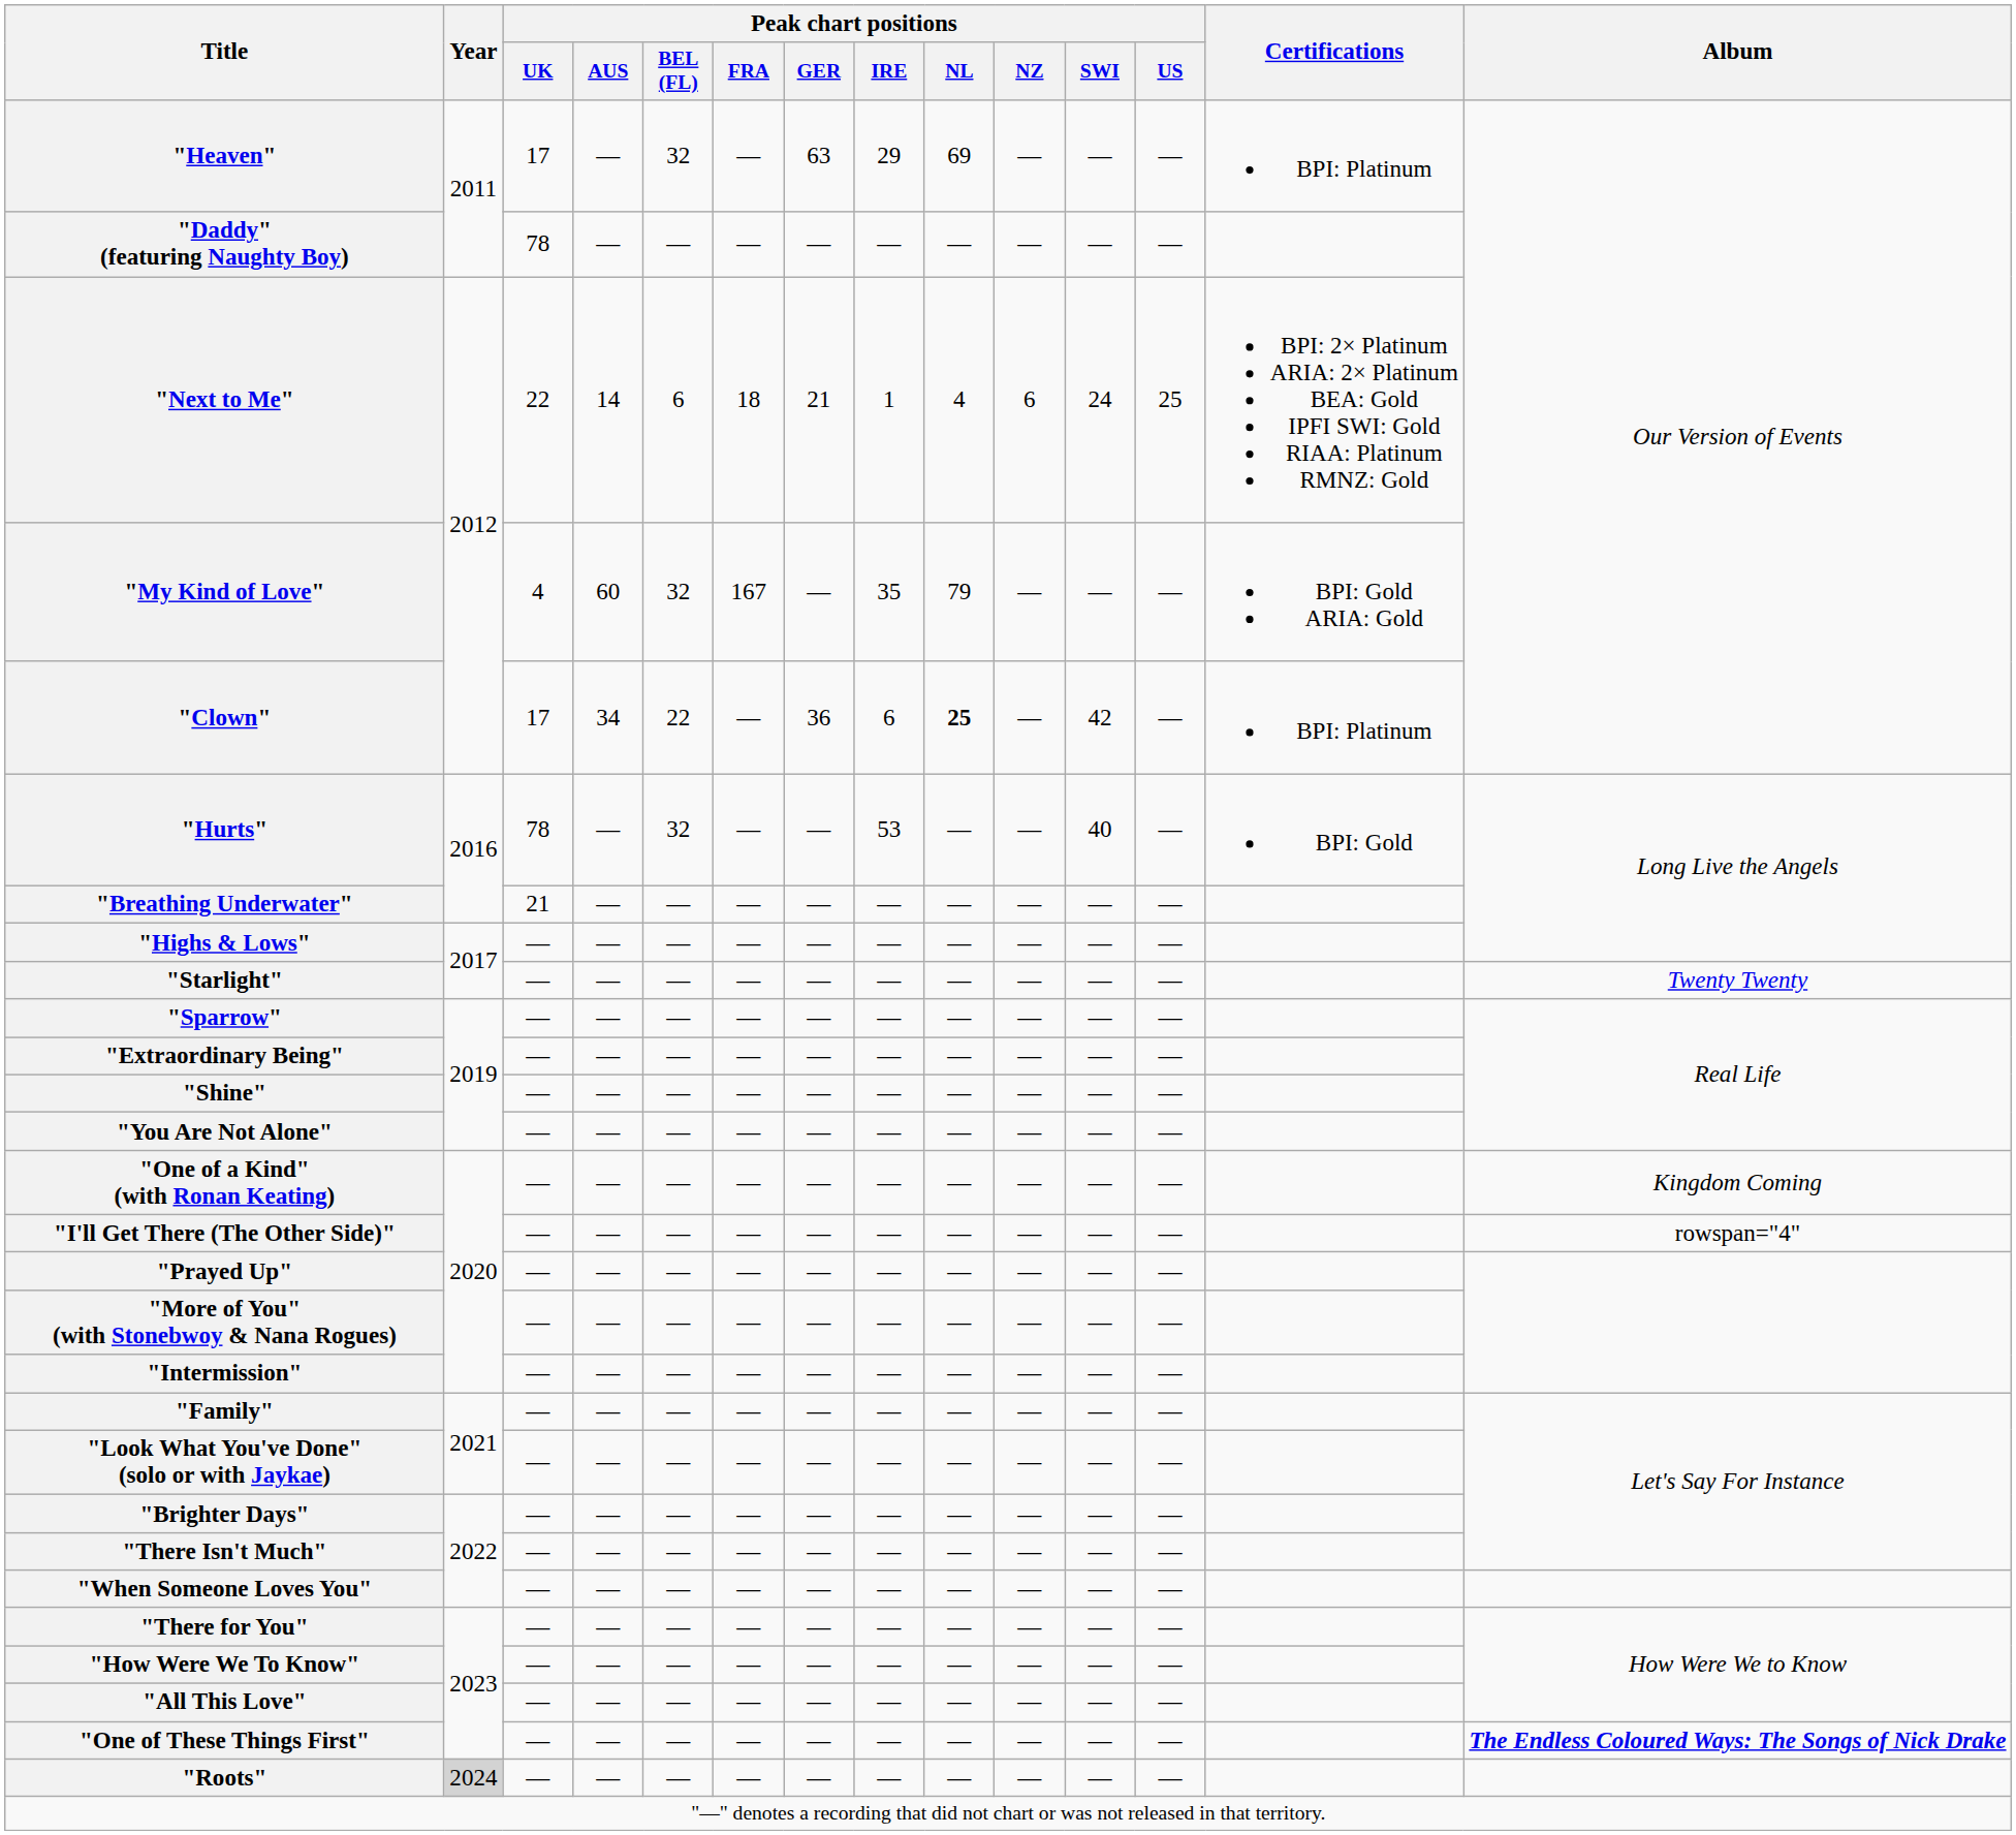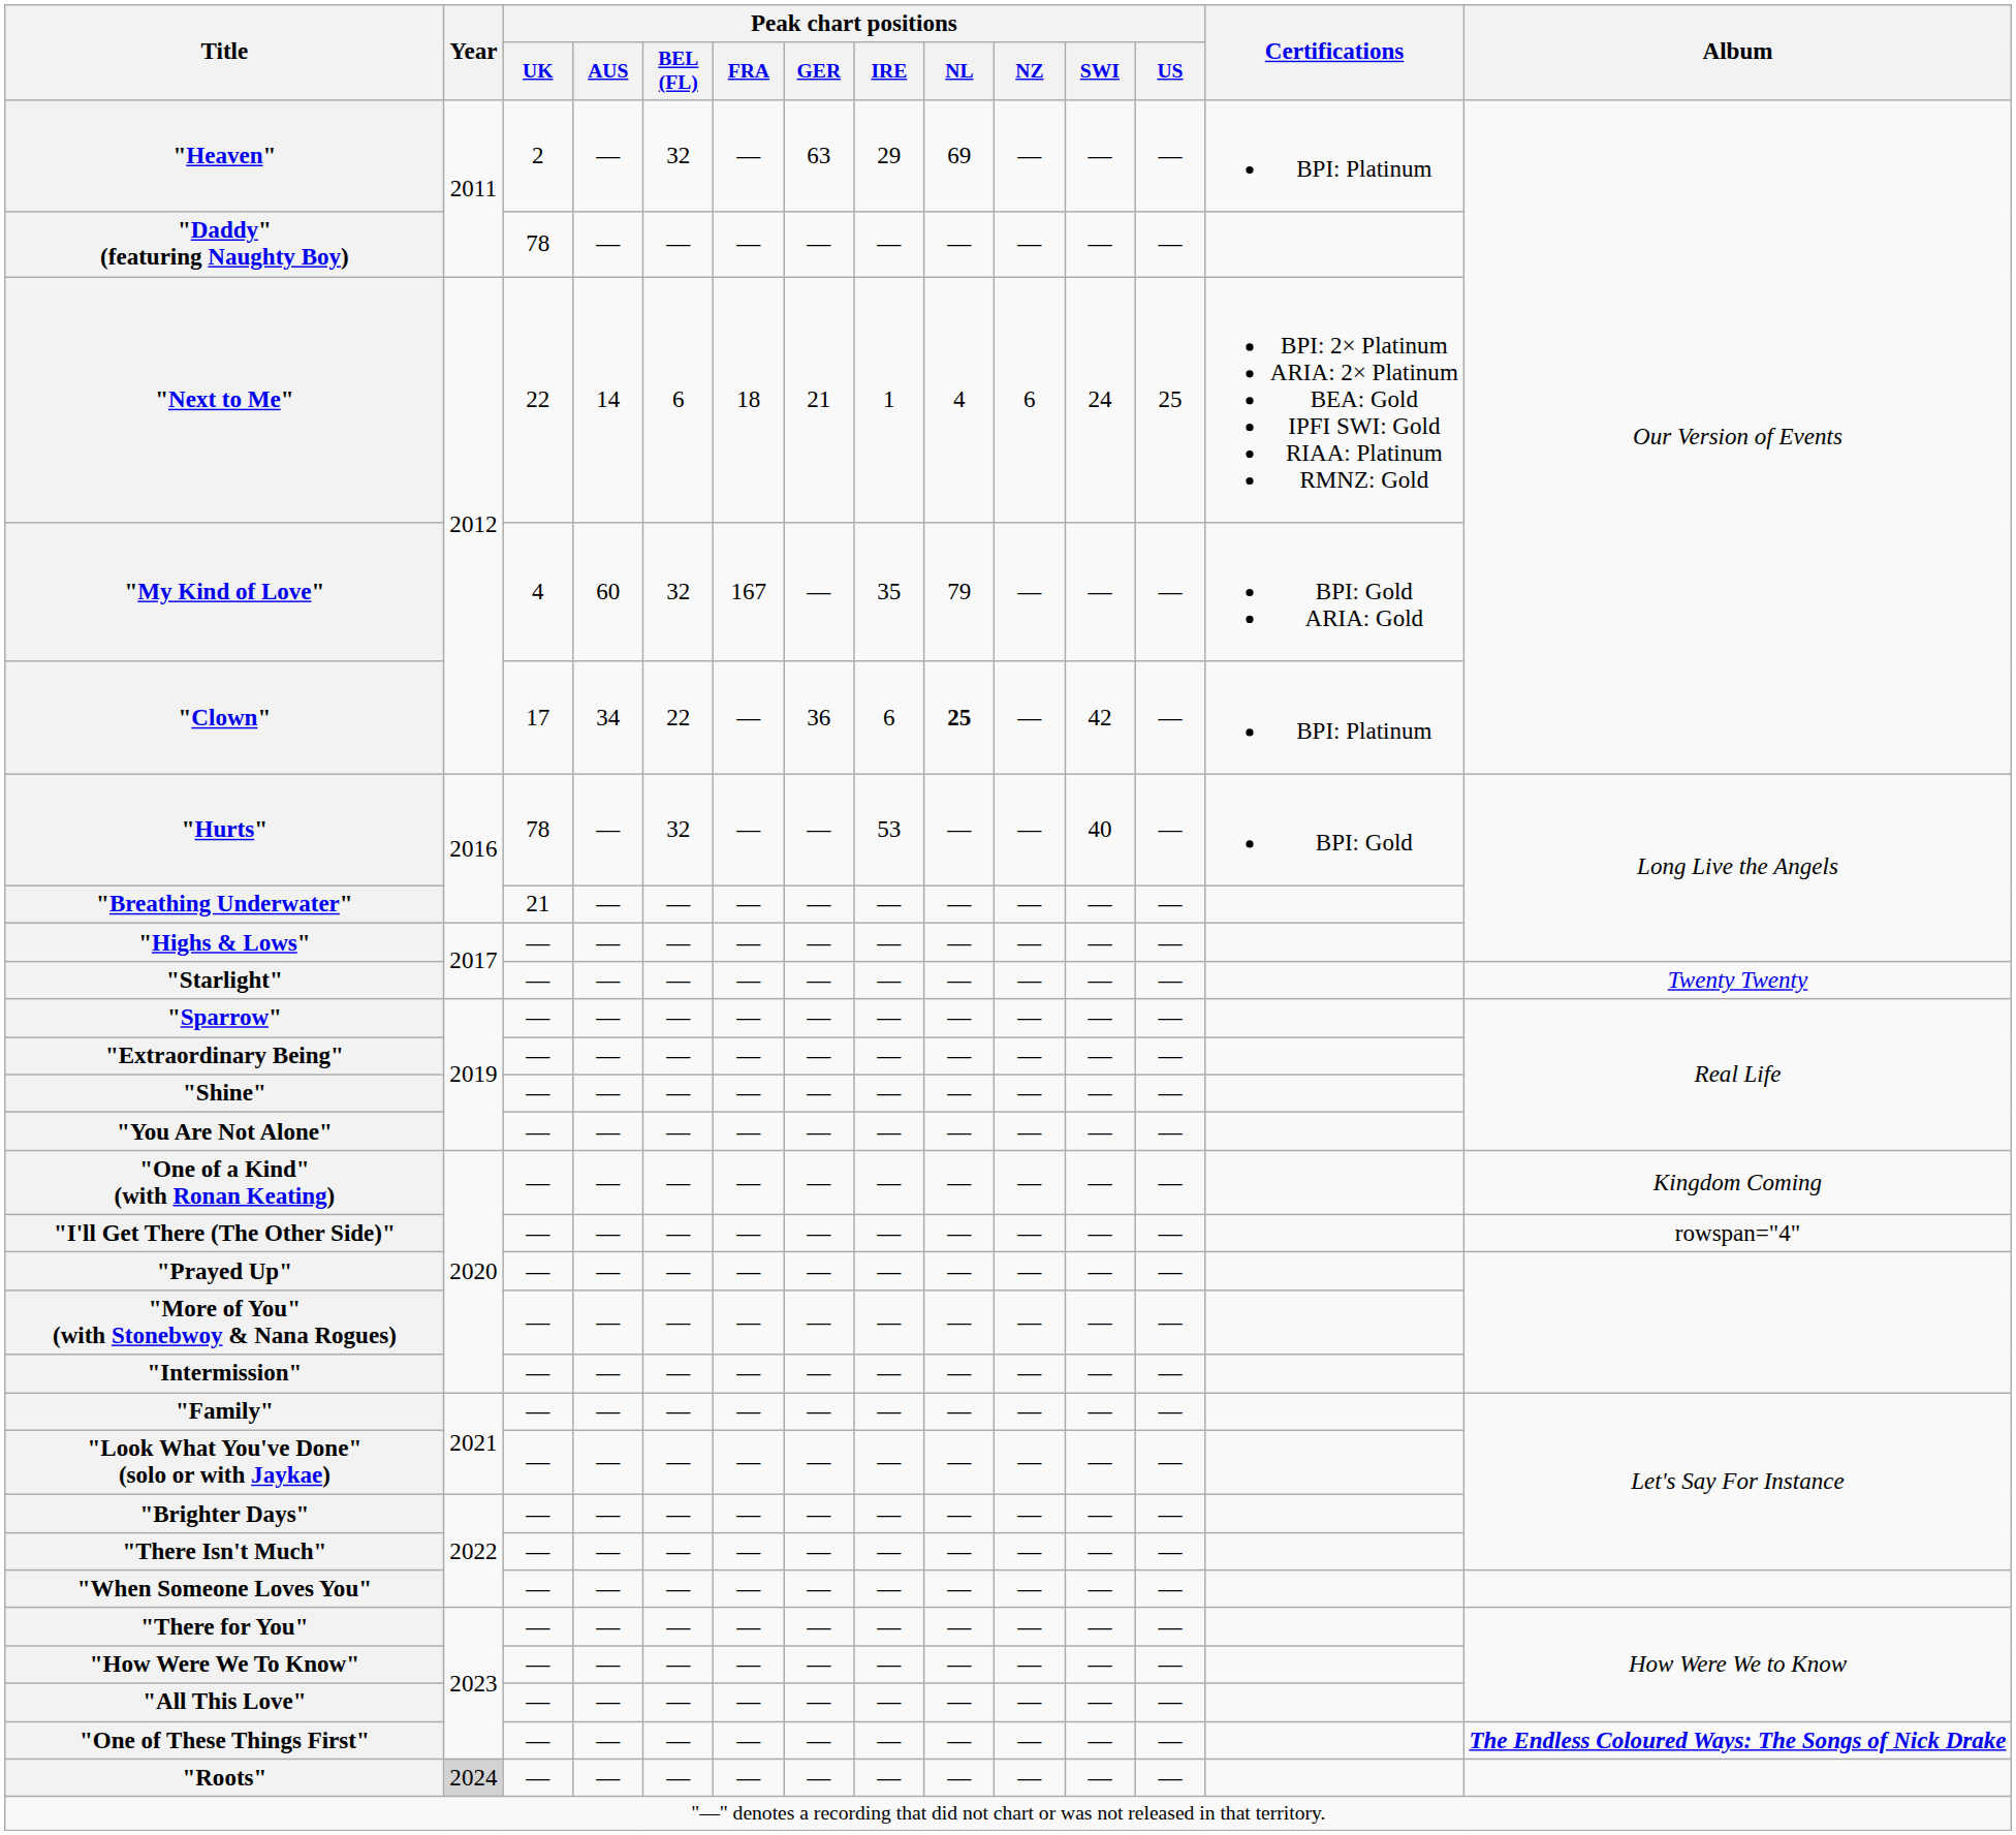 <table class="wikitable plainrowheaders" style="text-align:center;">
 <tr>
 <th scope="col" rowspan="2" style="width:18em;">Title</th>
 <th scope="col" rowspan="2" style="width:1em;">Year</th>
 <th scope="col" colspan="10">Peak chart positions</th>
 <th scope="col" rowspan="2"><a href='#'>Certifications</a></th>
 <th scope="col" rowspan="2">Album</th>
 </tr>
 <tr>
 <th scope="col" style="width:3em;font-size:85%;"><a href='#'>UK</a><br></th>
 <th scope="col" style="width:3em;font-size:85%;"><a href='#'>AUS</a><br></th>
 <th scope="col" style="width:3em;font-size:85%;"><a href='#'>BEL<br>(FL)</a><br></th>
 <th scope="col" style="width:3em;font-size:85%;"><a href='#'>FRA</a><br></th>
 <th scope="col" style="width:3em;font-size:85%;"><a href='#'>GER</a><br></th>
 <th scope="col" style="width:3em;font-size:85%;"><a href='#'>IRE</a><br></th>
 <th scope="col" style="width:3em;font-size:85%;"><a href='#'>NL</a><br></th>
 <th scope="col" style="width:3em;font-size:85%;"><a href='#'>NZ</a><br></th>
 <th scope="col" style="width:3em;font-size:85%;"><a href='#'>SWI</a><br></th>
 <th scope="col" style="width:3em;font-size:85%;"><a href='#'>US</a><br></th>
 </tr>
 <tr>
 <th scope="row">"<a href='#'>Heaven</a>"</th>
 <td rowspan="2">2011</td>
-<td>17</td>
+<td>2</td>
 <td>—</td>
 <td>32</td>
 <td>—</td>
 <td>63</td>
 <td>29</td>
 <td>69</td>
 <td>—</td>
 <td>—</td>
 <td>—</td>
 <td><br><ul><li>BPI: Platinum</li></ul></td>
 <td rowspan="5"><em>Our Version of Events</em></td>
 </tr>
 <tr>
 <th scope="row">"<a href='#'>Daddy</a>"<br><span>(featuring <a href='#'>Naughty Boy</a>)</span></th>
 <td>78</td>
 <td>—</td>
 <td>—</td>
 <td>—</td>
 <td>—</td>
 <td>—</td>
 <td>—</td>
 <td>—</td>
 <td>—</td>
 <td>—</td>
 <td></td>
 </tr>
 <tr>
 <th scope="row">"<a href='#'>Next to Me</a>"</th>
 <td rowspan="3">2012</td>
 <td>22</td>
 <td>14</td>
 <td>6</td>
 <td>18</td>
 <td>21</td>
 <td>1</td>
 <td>4</td>
 <td>6</td>
 <td>24</td>
 <td>25</td>
 <td><br><ul><li>BPI: 2× Platinum</li><li>ARIA: 2× Platinum</li><li>BEA: Gold</li><li>IPFI SWI: Gold</li><li>RIAA: Platinum</li><li>RMNZ: Gold</li></ul></td>
 </tr>
 <tr>
 <th scope="row">"<a href='#'>My Kind of Love</a>"</th>
 <td>4</td>
 <td>60</td>
 <td>32</td>
 <td>167</td>
 <td>—</td>
 <td>35</td>
 <td>79</td>
 <td>—</td>
 <td>—</td>
 <td>—</td>
 <td><br><ul><li>BPI: Gold</li><li>ARIA: Gold</li></ul></td>
 </tr>
 <tr>
 <th scope="row">"<a href='#'>Clown</a>"</th>
 <td>17</td>
 <td>34</td>
 <td>22</td>
 <td>—</td>
 <td>36</td>
 <td>6</td>
 <td><strong>25</strong></td>
 <td>—</td>
 <td>42</td>
 <td>—</td>
 <td><br><ul><li>BPI: Platinum</li></ul></td>
 </tr>
 <tr>
 <th scope="row">"<a href='#'>Hurts</a>"</th>
 <td rowspan="2">2016</td>
 <td>78</td>
 <td>—</td>
 <td>32</td>
 <td>—</td>
 <td>—</td>
 <td>53</td>
 <td>—</td>
 <td>—</td>
 <td>40</td>
 <td>—</td>
 <td><br><ul><li>BPI: Gold</li></ul></td>
 <td rowspan="3"><em>Long Live the Angels</em></td>
 </tr>
 <tr>
 <th scope="row">"<a href='#'>Breathing Underwater</a>"</th>
 <td>21</td>
 <td>—</td>
 <td>—</td>
 <td>—</td>
 <td>—</td>
 <td>—</td>
 <td>—</td>
 <td>—</td>
 <td>—</td>
 <td>—</td>
 <td></td>
 </tr>
 <tr>
 <th scope="row">"<a href='#'>Highs & Lows</a>"</th>
 <td rowspan="2">2017</td>
 <td>—</td>
 <td>—</td>
 <td>—</td>
 <td>—</td>
 <td>—</td>
 <td>—</td>
 <td>—</td>
 <td>—</td>
 <td>—</td>
 <td>—</td>
 <td></td>
 </tr>
 <tr>
 <th scope="row">"Starlight"</th>
 <td>—</td>
 <td>—</td>
 <td>—</td>
 <td>—</td>
 <td>—</td>
 <td>—</td>
 <td>—</td>
 <td>—</td>
 <td>—</td>
 <td>—</td>
 <td></td>
 <td><em><a href='#'>Twenty Twenty</a></em></td>
 </tr>
 <tr>
 <th scope="row">"<a href='#'>Sparrow</a>"</th>
 <td rowspan="4">2019</td>
 <td>—</td>
 <td>—</td>
 <td>—</td>
 <td>—</td>
 <td>—</td>
 <td>—</td>
 <td>—</td>
 <td>—</td>
 <td>—</td>
 <td>—</td>
 <td></td>
 <td rowspan="4"><em>Real Life</em></td>
 </tr>
 <tr>
 <th scope="row">"Extraordinary Being"</th>
 <td>—</td>
 <td>—</td>
 <td>—</td>
 <td>—</td>
 <td>—</td>
 <td>—</td>
 <td>—</td>
 <td>—</td>
 <td>—</td>
 <td>—</td>
 <td></td>
 </tr>
 <tr>
 <th scope="row">"Shine"</th>
 <td>—</td>
 <td>—</td>
 <td>—</td>
 <td>—</td>
 <td>—</td>
 <td>—</td>
 <td>—</td>
 <td>—</td>
 <td>—</td>
 <td>—</td>
 <td></td>
 </tr>
 <tr>
 <th scope="row">"You Are Not Alone"</th>
 <td>—</td>
 <td>—</td>
 <td>—</td>
 <td>—</td>
 <td>—</td>
 <td>—</td>
 <td>—</td>
 <td>—</td>
 <td>—</td>
 <td>—</td>
 <td></td>
 </tr>
 <tr>
 <th scope="row">"One of a Kind"<br><span>(with <a href='#'>Ronan Keating</a>)</span></th>
 <td rowspan="5">2020</td>
 <td>—</td>
 <td>—</td>
 <td>—</td>
 <td>—</td>
 <td>—</td>
 <td>—</td>
 <td>—</td>
 <td>—</td>
 <td>—</td>
 <td>—</td>
 <td></td>
 <td><em>Kingdom Coming</em></td>
 </tr>
 <tr>
 <th scope="row">"I'll Get There (The Other Side)"</th>
 <td>—</td>
 <td>—</td>
 <td>—</td>
 <td>—</td>
 <td>—</td>
 <td>—</td>
 <td>—</td>
 <td>—</td>
 <td>—</td>
 <td>—</td>
 <td></td>
 <td>rowspan="4" </td>
 </tr>
 <tr>
 <th scope="row">"Prayed Up"</th>
 <td>—</td>
 <td>—</td>
 <td>—</td>
 <td>—</td>
 <td>—</td>
 <td>—</td>
 <td>—</td>
 <td>—</td>
 <td>—</td>
 <td>—</td>
 <td></td>
 </tr>
 <tr>
 <th scope="row">"More of You"<br><span>(with <a href='#'>Stonebwoy</a> & Nana Rogues)</span></th>
 <td>—</td>
 <td>—</td>
 <td>—</td>
 <td>—</td>
 <td>—</td>
 <td>—</td>
 <td>—</td>
 <td>—</td>
 <td>—</td>
 <td>—</td>
 <td></td>
 </tr>
 <tr>
 <th scope="row">"Intermission"</th>
 <td>—</td>
 <td>—</td>
 <td>—</td>
 <td>—</td>
 <td>—</td>
 <td>—</td>
 <td>—</td>
 <td>—</td>
 <td>—</td>
 <td>—</td>
 <td></td>
 </tr>
 <tr>
 <th scope="row">"Family"</th>
 <td rowspan="2">2021</td>
 <td>—</td>
 <td>—</td>
 <td>—</td>
 <td>—</td>
 <td>—</td>
 <td>—</td>
 <td>—</td>
 <td>—</td>
 <td>—</td>
 <td>—</td>
 <td></td>
 <td rowspan="4"><em>Let's Say For Instance</em></td>
 </tr>
 <tr>
 <th scope="row">"Look What You've Done"<br><span>(solo or with <a href='#'>Jaykae</a>)</span></th>
 <td>—</td>
 <td>—</td>
 <td>—</td>
 <td>—</td>
 <td>—</td>
 <td>—</td>
 <td>—</td>
 <td>—</td>
 <td>—</td>
 <td>—</td>
 <td></td>
 </tr>
 <tr>
 <th scope="row">"Brighter Days"</th>
 <td rowspan="3">2022</td>
 <td>—</td>
 <td>—</td>
 <td>—</td>
 <td>—</td>
 <td>—</td>
 <td>—</td>
 <td>—</td>
 <td>—</td>
 <td>—</td>
 <td>—</td>
 <td></td>
 </tr>
 <tr>
 <th scope="row">"There Isn't Much"</th>
 <td>—</td>
 <td>—</td>
 <td>—</td>
 <td>—</td>
 <td>—</td>
 <td>—</td>
 <td>—</td>
 <td>—</td>
 <td>—</td>
 <td>—</td>
 <td></td>
 </tr>
 <tr>
 <th scope="row">"When Someone Loves You"<br></th>
 <td>—</td>
 <td>—</td>
 <td>—</td>
 <td>—</td>
 <td>—</td>
 <td>—</td>
 <td>—</td>
 <td>—</td>
 <td>—</td>
 <td>—</td>
 <td></td>
 <td></td>
 </tr>
 <tr>
 <th scope="row">"There for You"</th>
 <td rowspan="4">2023</td>
 <td>—</td>
 <td>—</td>
 <td>—</td>
 <td>—</td>
 <td>—</td>
 <td>—</td>
 <td>—</td>
 <td>—</td>
 <td>—</td>
 <td>—</td>
 <td></td>
 <td rowspan="3"><em>How Were We to Know</em></td>
 </tr>
 <tr>
 <th scope="row">"How Were We To Know"</th>
 <td>—</td>
 <td>—</td>
 <td>—</td>
 <td>—</td>
 <td>—</td>
 <td>—</td>
 <td>—</td>
 <td>—</td>
 <td>—</td>
 <td>—</td>
 <td></td>
 </tr>
 <tr>
 <th scope="row">"All This Love"</th>
 <td>—</td>
 <td>—</td>
 <td>—</td>
 <td>—</td>
 <td>—</td>
 <td>—</td>
 <td>—</td>
 <td>—</td>
 <td>—</td>
 <td>—</td>
 <td></td>
 </tr>
 <tr>
 <th scope="row">"One of These Things First"</th>
 <td>—</td>
 <td>—</td>
 <td>—</td>
 <td>—</td>
 <td>—</td>
 <td>—</td>
 <td>—</td>
 <td>—</td>
 <td>—</td>
 <td>—</td>
 <td></td>
 <td><strong><em><a href='#'>The Endless Coloured Ways: The Songs of Nick Drake</a></em></strong></td>
 </tr>
 <tr>
 <th scope="row">"Roots"</th>
 <td rowspan="1" style="background: lightgrey;">2024</td>
 <td>—</td>
 <td>—</td>
 <td>—</td>
 <td>—</td>
 <td>—</td>
 <td>—</td>
 <td>—</td>
 <td>—</td>
 <td>—</td>
 <td>—</td>
 <td></td>
 <td></td>
 </tr>
 <tr>
 <td colspan="20" style="font-size:85%">"—" denotes a recording that did not chart or was not released in that territory.</td>
 </tr>
 </table>
